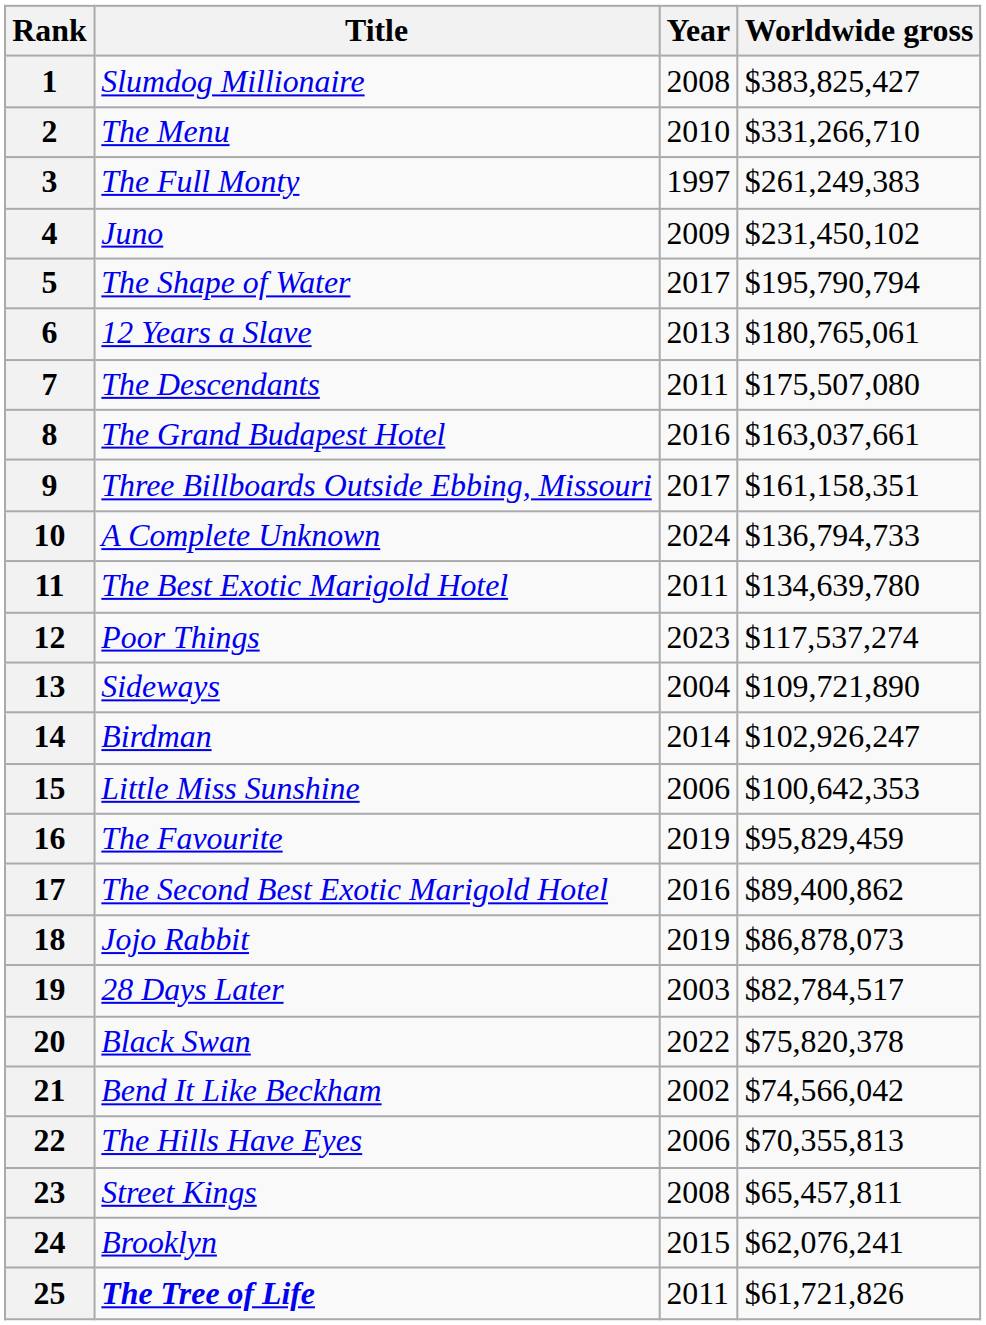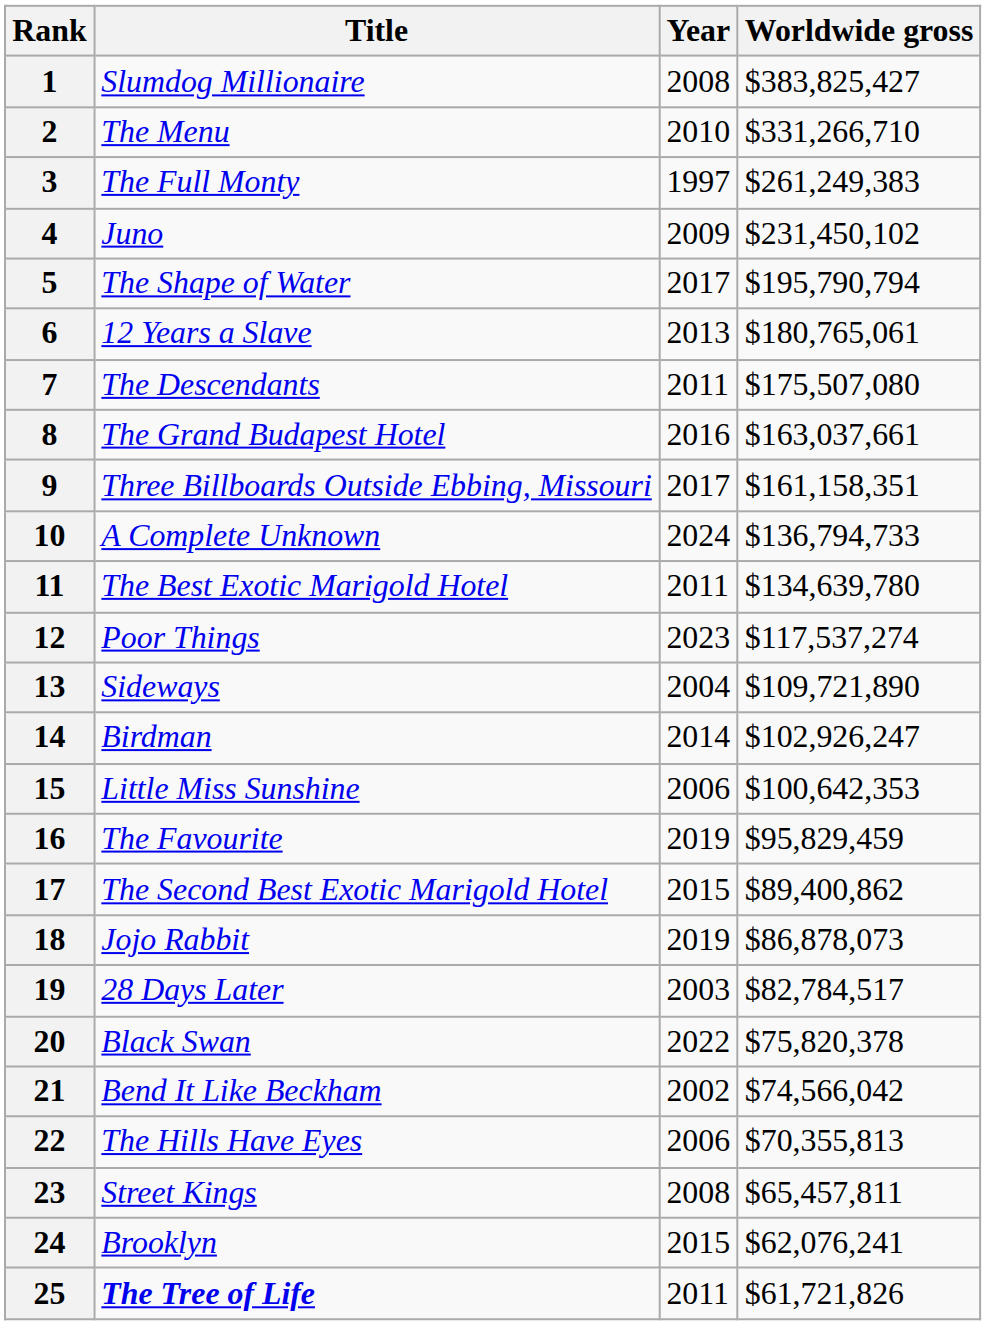 <table class="wikitable sortable" style="display:inline-table;">
 <tr>
 <th scope="col">Rank</th>
 <th scope="col">Title</th>
 <th scope="col">Year</th>
 <th scope="col">Worldwide gross</th>
 </tr>
 <tr>
 <th>1</th>
 <td><em><a href='#'>Slumdog Millionaire</a></em></td>
 <td>2008</td>
 <td>$383,825,427</td>
 </tr>
 <tr>
 <th>2</th>
 <td><em><a href='#'>The Menu</a></em></td>
 <td>2010</td>
 <td>$331,266,710</td>
 </tr>
 <tr>
 <th>3</th>
 <td><em><a href='#'>The Full Monty</a></em></td>
 <td>1997</td>
 <td>$261,249,383</td>
 </tr>
 <tr>
 <th>4</th>
 <td><em><a href='#'>Juno</a></em></td>
 <td>2009</td>
 <td>$231,450,102</td>
 </tr>
 <tr>
 <th>5</th>
 <td><em><a href='#'>The Shape of Water</a></em></td>
 <td>2017</td>
 <td>$195,790,794</td>
 </tr>
 <tr>
 <th>6</th>
 <td><em><a href='#'>12 Years a Slave</a></em></td>
 <td>2013</td>
 <td>$180,765,061</td>
 </tr>
 <tr>
 <th>7</th>
 <td><em><a href='#'>The Descendants</a></em></td>
 <td>2011</td>
 <td>$175,507,080</td>
 </tr>
 <tr>
 <th>8</th>
 <td><em><a href='#'>The Grand Budapest Hotel</a></em></td>
 <td>2016</td>
 <td>$163,037,661</td>
 </tr>
 <tr>
 <th>9</th>
 <td><em><a href='#'>Three Billboards Outside Ebbing, Missouri</a></em></td>
 <td>2017</td>
 <td>$161,158,351</td>
 </tr>
 <tr>
 <th>10</th>
 <td><em><a href='#'>A Complete Unknown</a></em></td>
 <td>2024</td>
 <td>$136,794,733</td>
 </tr>
 <tr>
 <th>11</th>
 <td><em><a href='#'>The Best Exotic Marigold Hotel</a></em></td>
 <td>2011</td>
 <td>$134,639,780</td>
 </tr>
 <tr>
 <th>12</th>
 <td><em><a href='#'>Poor Things</a></em></td>
 <td>2023</td>
 <td>$117,537,274</td>
 </tr>
 <tr>
 <th>13</th>
 <td><em><a href='#'>Sideways</a></em></td>
 <td>2004</td>
 <td>$109,721,890</td>
 </tr>
 <tr>
 <th>14</th>
 <td><em><a href='#'>Birdman</a></em></td>
 <td>2014</td>
 <td>$102,926,247</td>
 </tr>
 <tr>
 <th>15</th>
 <td><em><a href='#'>Little Miss Sunshine</a></em></td>
 <td>2006</td>
 <td>$100,642,353</td>
 </tr>
 <tr>
 <th>16</th>
 <td><em><a href='#'>The Favourite</a></em></td>
 <td>2019</td>
 <td>$95,829,459</td>
 </tr>
 <tr>
 <th>17</th>
 <td><em><a href='#'>The Second Best Exotic Marigold Hotel</a></em></td>
-<td>2016</td>
+<td>2015</td>
 <td>$89,400,862</td>
 </tr>
 <tr>
 <th>18</th>
 <td><em><a href='#'>Jojo Rabbit</a></em></td>
 <td>2019</td>
 <td>$86,878,073</td>
 </tr>
 <tr>
 <th>19</th>
 <td><em><a href='#'>28 Days Later</a></em></td>
 <td>2003</td>
 <td>$82,784,517</td>
 </tr>
 <tr>
 <th>20</th>
 <td><em><a href='#'>Black Swan</a></em></td>
 <td>2022</td>
 <td>$75,820,378</td>
 </tr>
 <tr>
 <th>21</th>
 <td><em><a href='#'>Bend It Like Beckham</a></em></td>
 <td>2002</td>
 <td>$74,566,042</td>
 </tr>
 <tr>
 <th>22</th>
 <td><em><a href='#'>The Hills Have Eyes</a></em></td>
 <td>2006</td>
 <td>$70,355,813</td>
 </tr>
 <tr>
 <th>23</th>
 <td><em><a href='#'>Street Kings</a></em></td>
 <td>2008</td>
 <td>$65,457,811</td>
 </tr>
 <tr>
 <th>24</th>
 <td><em><a href='#'>Brooklyn</a></em></td>
 <td>2015</td>
 <td>$62,076,241</td>
 </tr>
 <tr>
 <th>25</th>
 <td><strong><em><a href='#'>The Tree of Life</a></em></strong></td>
 <td>2011</td>
 <td>$61,721,826</td>
 </tr>
 </table>
